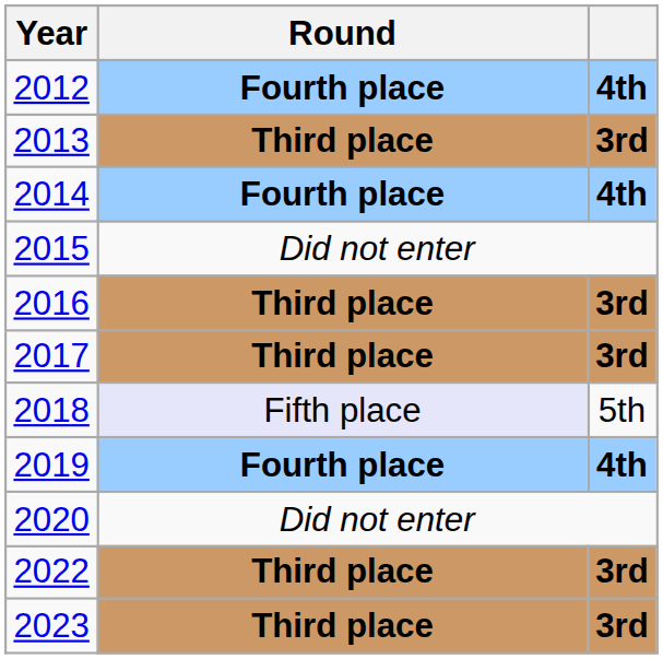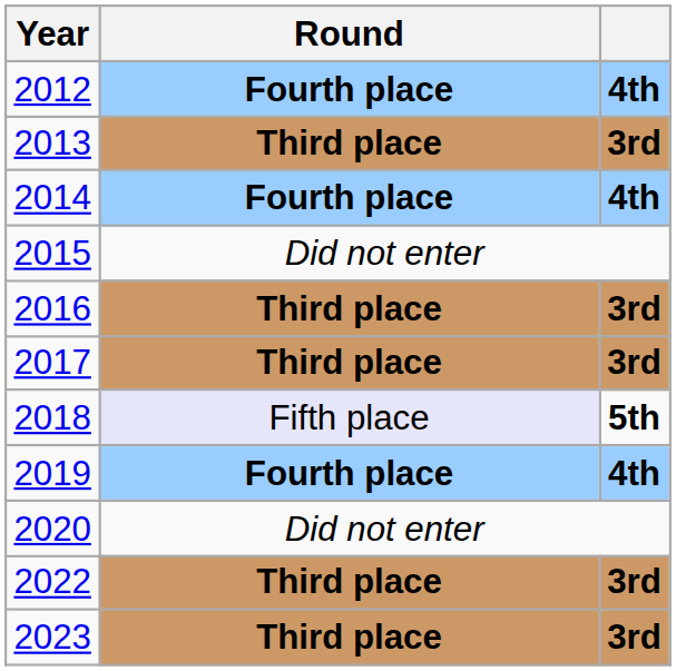 <table class="wikitable" style="text-align: center; font-size:90%">
 <tr>
 <th>Year</th>
 <th style="width:200px">Round</th>
 <th></th>
 </tr>
 <tr>
 <td><a href='#'>2012</a></td>
 <td bgcolor="9acdff"><strong>Fourth place</strong></td>
 <td bgcolor="9acdff"><strong>4th</strong></td>
 </tr>
 <tr>
 <td><a href='#'>2013</a></td>
 <td bgcolor="cc9966"><strong>Third place</strong></td>
 <td bgcolor="cc9966"><strong>3rd</strong></td>
 </tr>
 <tr>
 <td><a href='#'>2014</a></td>
 <td bgcolor="9acdff"><strong>Fourth place</strong></td>
 <td bgcolor="9acdff"><strong>4th</strong></td>
 </tr>
 <tr>
 <td><a href='#'>2015</a></td>
 <td colspan="2"><em>Did not enter</em></td>
 </tr>
 <tr>
 <td><a href='#'>2016</a></td>
 <td bgcolor="cc9966"><strong>Third place</strong></td>
 <td bgcolor="cc9966"><strong>3rd</strong></td>
 </tr>
 <tr>
 <td><a href='#'>2017</a></td>
 <td bgcolor="cc9966"><strong>Third place</strong></td>
 <td bgcolor="cc9966"><strong>3rd</strong></td>
 </tr>
 <tr>
 <td><a href='#'>2018</a></td>
 <td style="background: lavender;">Fifth place</td>
-<td>5th</td>
+<td><strong>5th</strong></td>
 </tr>
 <tr>
 <td><a href='#'>2019</a></td>
 <td bgcolor="9acdff"><strong>Fourth place</strong></td>
 <td bgcolor="9acdff"><strong>4th</strong></td>
 </tr>
 <tr>
 <td><a href='#'>2020</a></td>
 <td colspan="2"><em>Did not enter</em></td>
 </tr>
 <tr>
 <td><a href='#'>2022</a></td>
 <td bgcolor="cc9966"><strong>Third place</strong></td>
 <td bgcolor="cc9966"><strong>3rd</strong></td>
 </tr>
 <tr>
 <td><a href='#'>2023</a></td>
 <td bgcolor="cc9966"><strong>Third place</strong></td>
 <td bgcolor="cc9966"><strong>3rd</strong></td>
 </tr>
 </table>
